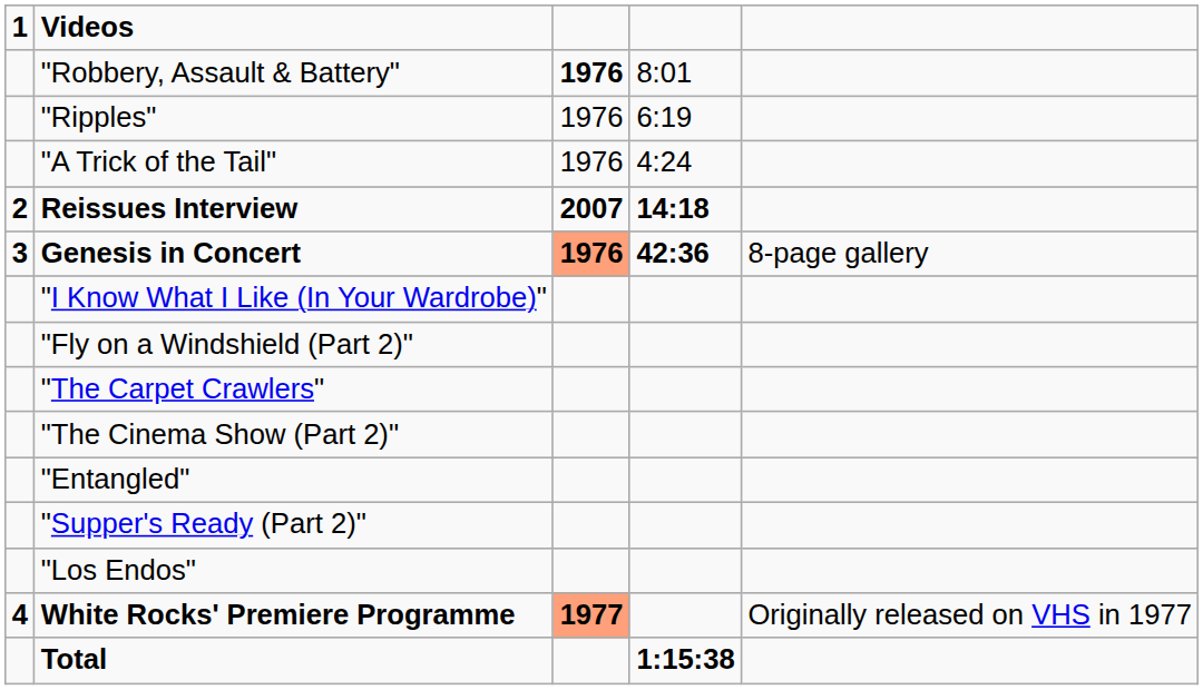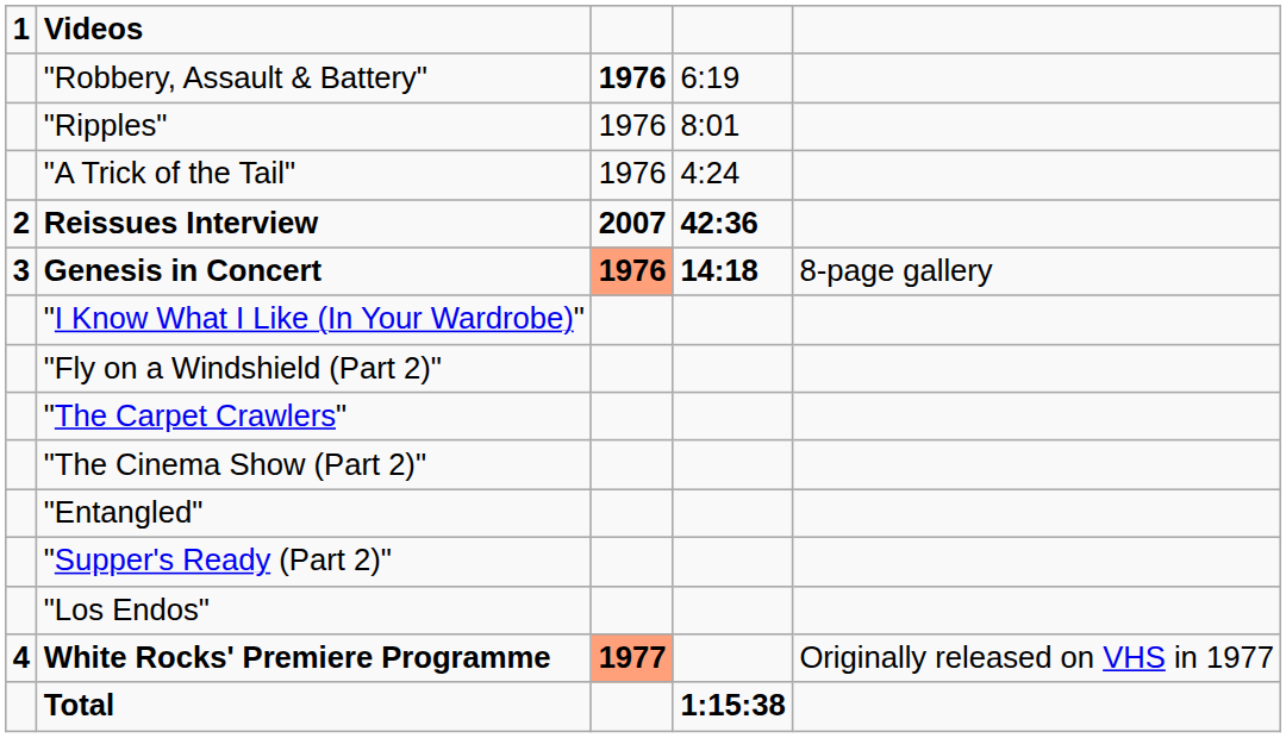 <table class="wikitable">
 <tr>
 <td><strong>1</strong></td>
 <td><strong>Videos</strong></td>
 <td></td>
 <td></td>
 </tr>
 <tr>
 <td></td>
 <td>"Robbery, Assault & Battery"</td>
 <td><strong>1976</strong></td>
-<td>8:01</td>
+<td>6:19</td>
 <td></td>
 </tr>
 <tr>
 <td></td>
 <td>"Ripples"</td>
 <td>1976</td>
-<td>6:19</td>
+<td>8:01</td>
 <td></td>
 </tr>
 <tr>
 <td></td>
 <td>"A Trick of the Tail"</td>
 <td>1976</td>
 <td>4:24</td>
 <td></td>
 </tr>
 <tr>
 <td><strong>2</strong></td>
 <td><strong>Reissues Interview</strong></td>
 <td><strong>2007</strong></td>
-<td><strong>14:18</strong></td>
+<td><strong>42:36</strong></td>
 <td></td>
 </tr>
 <tr>
 <td><strong>3</strong></td>
 <td><strong>Genesis in Concert</strong></td>
 <td style="background: lightsalmon;"><strong>1976</strong></td>
-<td><strong>42:36</strong></td>
+<td><strong>14:18</strong></td>
 <td>8-page gallery</td>
 </tr>
 <tr>
 <td></td>
 <td>"<a href='#'>I Know What I Like (In Your Wardrobe)</a>"</td>
 <td></td>
 <td></td>
 <td></td>
 </tr>
 <tr>
 <td></td>
 <td>"Fly on a Windshield (Part 2)"</td>
 <td></td>
 <td></td>
 <td></td>
 </tr>
 <tr>
 <td></td>
 <td>"<a href='#'>The Carpet Crawlers</a>"</td>
 <td></td>
 <td></td>
 <td></td>
 </tr>
 <tr>
 <td></td>
 <td>"The Cinema Show (Part 2)"</td>
 <td></td>
 <td></td>
 <td></td>
 </tr>
 <tr>
 <td></td>
 <td>"Entangled"</td>
 <td></td>
 <td></td>
 <td></td>
 </tr>
 <tr>
 <td></td>
 <td>"<a href='#'>Supper's Ready</a> (Part 2)"</td>
 <td></td>
 <td></td>
 <td></td>
 </tr>
 <tr>
 <td></td>
 <td>"Los Endos"</td>
 <td></td>
 <td></td>
 <td></td>
 </tr>
 <tr>
 <td><strong>4</strong></td>
 <td><strong>White Rocks' Premiere Programme</strong></td>
 <td style="background: lightsalmon;"><strong>1977</strong></td>
 <td></td>
 <td>Originally released on <a href='#'>VHS</a> in 1977</td>
 </tr>
 <tr>
 <td></td>
 <td><strong>Total</strong></td>
 <td></td>
 <td><strong>1:15:38</strong></td>
 <td></td>
 </tr>
 </table>
